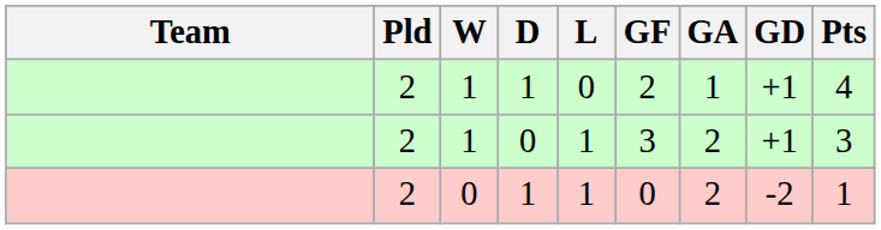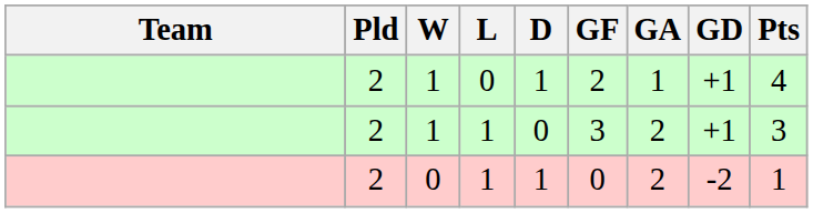 <table class="wikitable" style="text-align: center;">
 <tr>
 <th width="165">Team</th>
 <th width="20">Pld</th>
 <th width="20">W</th>
+<th width="20">L</th>
 <th width="20">D</th>
-<th width="20">L</th>
 <th width="20">GF</th>
 <th width="20">GA</th>
 <th width="20">GD</th>
 <th width="20">Pts</th>
 </tr>
 <tr style="background:#ccffcc;">
 <td style="text-align:left;"></td>
 <td>2</td>
 <td>1</td>
+<td>0</td>
 <td>1</td>
-<td>0</td>
 <td>2</td>
 <td>1</td>
 <td>+1</td>
 <td>4</td>
 </tr>
 <tr style="background:#ccffcc;">
 <td style="text-align:left;"></td>
 <td>2</td>
 <td>1</td>
+<td>1</td>
 <td>0</td>
-<td>1</td>
 <td>3</td>
 <td>2</td>
 <td>+1</td>
 <td>3</td>
 </tr>
 <tr align=center style="background:#ffcccc;">
 <td style="text-align:left;"></td>
 <td>2</td>
 <td>0</td>
 <td>1</td>
 <td>1</td>
 <td>0</td>
 <td>2</td>
 <td>-2</td>
 <td>1</td>
 </tr>
 </table>
